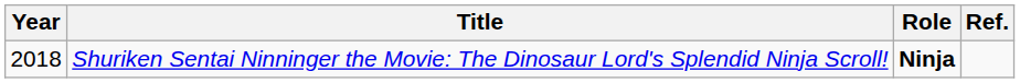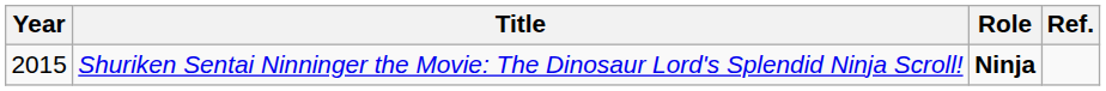 <table class="wikitable">
 <tr>
 <th>Year</th>
 <th>Title</th>
 <th>Role</th>
 <th>Ref.</th>
 </tr>
 <tr>
-<td>2018</td>
+<td>2015</td>
 <td><em><a href='#'>Shuriken Sentai Ninninger the Movie: The Dinosaur Lord's Splendid Ninja Scroll!</a></em></td>
 <td><strong>Ninja</strong></td>
 <td></td>
 </tr>
 </table>
